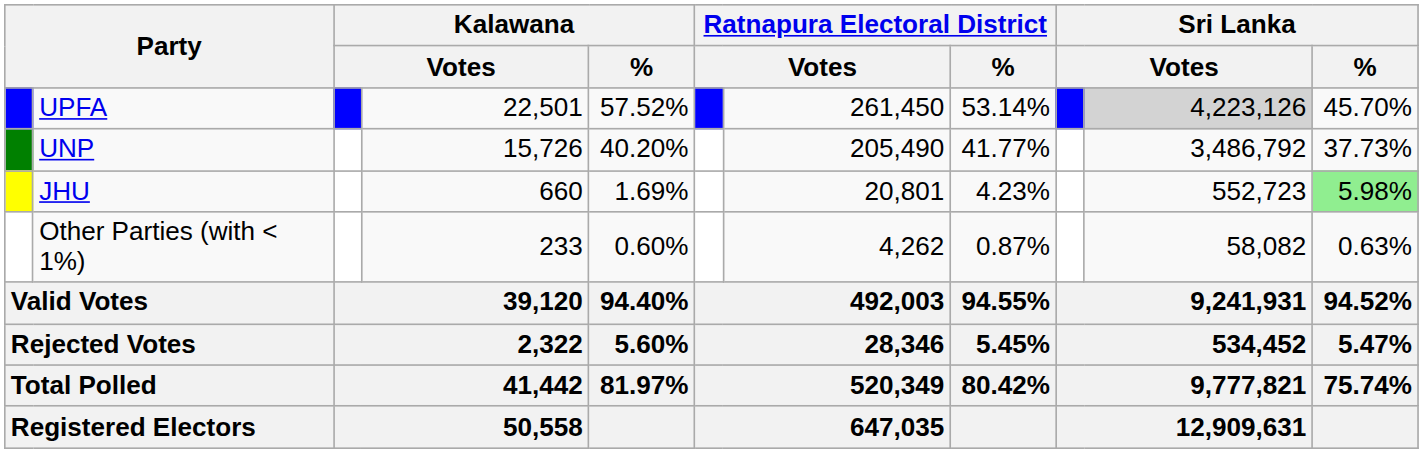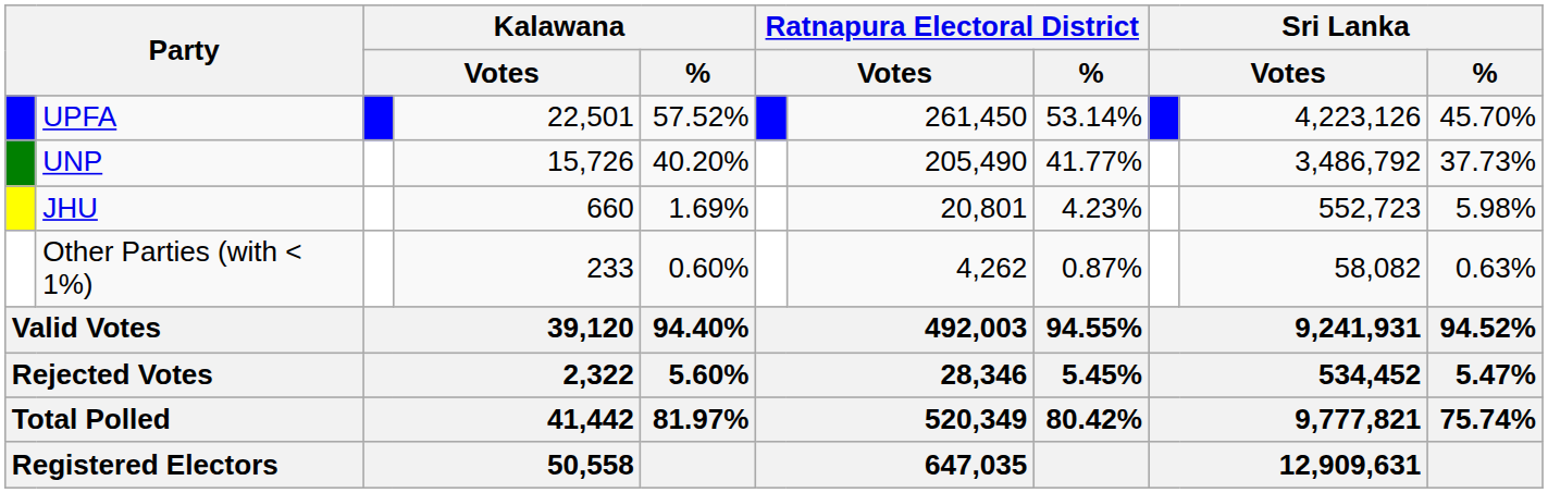 <table class="wikitable">
 <tr>
 <th colspan="2" width="144px"rowspan="2">Party</th>
 <th colspan="3" width="216px">Kalawana</th>
 <th colspan="3" width="216px"><a href='#'>Ratnapura Electoral District</a></th>
 <th colspan="3" width="216px">Sri Lanka</th>
 </tr>
 <tr>
 <th colspan="2" width="144px">Votes</th>
 <th>%</th>
 <th colspan="2" width="144px">Votes</th>
 <th>%</th>
 <th colspan="2" width="144px">Votes</th>
 <th>%</th>
 </tr>
 <tr>
 <td style="background-color:blue;" width="10px"></td>
 <td style="text-align:left;"><a href='#'>UPFA</a></td>
 <td style="background-color:blue;" width="10px"></td>
 <td style="text-align:right;">22,501</td>
 <td style="text-align:right;">57.52%</td>
 <td style="background-color:blue;" width="10px"></td>
 <td style="text-align:right;">261,450</td>
 <td style="text-align:right;">53.14%</td>
 <td style="background-color:blue;" width="10px"></td>
-<td style="background: lightgrey; text-align:right;">4,223,126</td>
+<td style="text-align:right;">4,223,126</td>
 <td style="text-align:right;">45.70%</td>
 </tr>
 <tr>
 <td style="background-color:green;" width="10px"></td>
 <td style="text-align:left;"><a href='#'>UNP</a></td>
 <td style="background-color:white;" width="10px"></td>
 <td style="text-align:right;">15,726</td>
 <td style="text-align:right;">40.20%</td>
 <td style="background-color:white;" width="10px"></td>
 <td style="text-align:right;">205,490</td>
 <td style="text-align:right;">41.77%</td>
 <td style="background-color:white;" width="10px"></td>
 <td style="text-align:right;">3,486,792</td>
 <td style="text-align:right;">37.73%</td>
 </tr>
 <tr>
 <td style="background-color:yellow;" width="10px"></td>
 <td style="text-align:left;"><a href='#'>JHU</a></td>
 <td style="background-color:white;" width="10px"></td>
 <td style="text-align:right;">660</td>
 <td style="text-align:right;">1.69%</td>
 <td style="background-color:white;" width="10px"></td>
 <td style="text-align:right;">20,801</td>
 <td style="text-align:right;">4.23%</td>
 <td style="background-color:white;" width="10px"></td>
 <td style="text-align:right;">552,723</td>
-<td style="background: lightgreen; text-align:right;">5.98%</td>
+<td style="text-align:right;">5.98%</td>
 </tr>
 <tr>
 <td style="background-color:white;" width="10px"></td>
 <td style="text-align:left;">Other Parties (with < 1%)</td>
 <td style="background-color:white;" width="10px"></td>
 <td style="text-align:right;">233</td>
 <td style="text-align:right;">0.60%</td>
 <td style="background-color:white;" width="10px"></td>
 <td style="text-align:right;">4,262</td>
 <td style="text-align:right;">0.87%</td>
 <td style="background-color:white;" width="10px"></td>
 <td style="text-align:right;">58,082</td>
 <td style="text-align:right;">0.63%</td>
 </tr>
 <tr>
 <th colspan="2" width="144px"style="text-align:left;">Valid Votes</th>
 <th style="text-align:right;"colspan="2" width="144px">39,120</th>
 <th style="text-align:right;">94.40%</th>
 <th style="text-align:right;"colspan="2" width="144px">492,003</th>
 <th style="text-align:right;">94.55%</th>
 <th style="text-align:right;"colspan="2" width="144px">9,241,931</th>
 <th style="text-align:right;">94.52%</th>
 </tr>
 <tr>
 <th colspan="2" width="144px"style="text-align:left;">Rejected Votes</th>
 <th style="text-align:right;"colspan="2" width="144px">2,322</th>
 <th style="text-align:right;">5.60%</th>
 <th style="text-align:right;"colspan="2" width="144px">28,346</th>
 <th style="text-align:right;">5.45%</th>
 <th style="text-align:right;"colspan="2" width="144px">534,452</th>
 <th style="text-align:right;">5.47%</th>
 </tr>
 <tr>
 <th colspan="2" width="144px"style="text-align:left;">Total Polled</th>
 <th style="text-align:right;"colspan="2" width="144px">41,442</th>
 <th style="text-align:right;">81.97%</th>
 <th style="text-align:right;"colspan="2" width="144px">520,349</th>
 <th style="text-align:right;">80.42%</th>
 <th style="text-align:right;"colspan="2" width="144px">9,777,821</th>
 <th style="text-align:right;">75.74%</th>
 </tr>
 <tr>
 <th colspan="2" width="144px"style="text-align:left;">Registered Electors</th>
 <th style="text-align:right;"colspan="2" width="144px">50,558</th>
 <th></th>
 <th style="text-align:right;"colspan="2" width="144px">647,035</th>
 <th></th>
 <th style="text-align:right;"colspan="2" width="144px">12,909,631</th>
 <th></th>
 </tr>
 </table>
